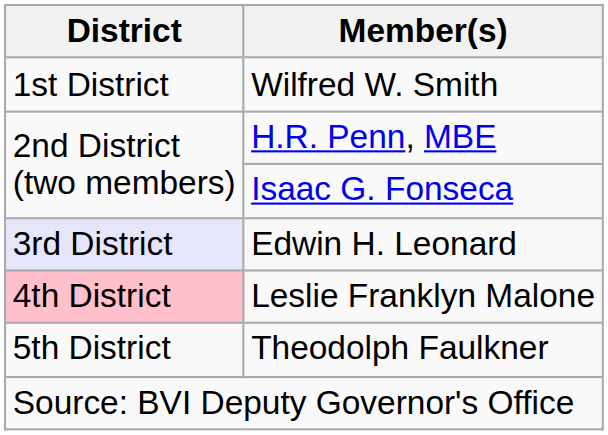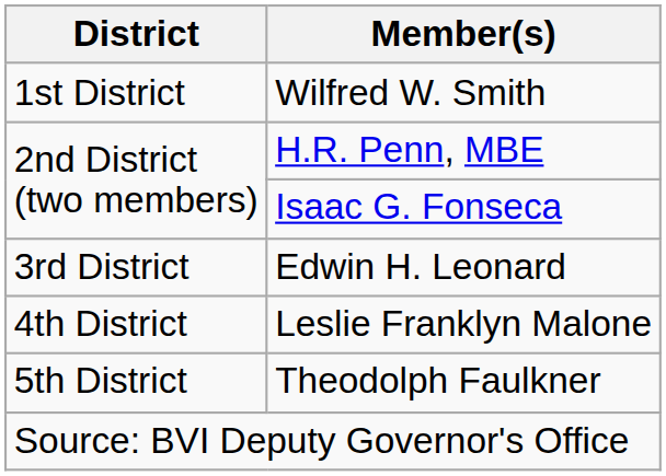 <table class="wikitable">
 <tr>
 <th>District</th>
 <th>Member(s)</th>
 </tr>
 <tr>
 <td>1st District</td>
 <td>Wilfred W. Smith</td>
 </tr>
 <tr>
 <td rowspan="2">2nd District<br>(two members)</td>
 <td><a href='#'>H.R. Penn</a>, <a href='#'>MBE</a></td>
 </tr>
 <tr>
 <td><a href='#'>Isaac G. Fonseca</a></td>
 </tr>
 <tr>
-<td style="background: lavender;">3rd District</td>
+<td>3rd District</td>
 <td>Edwin H. Leonard</td>
 </tr>
 <tr>
-<td style="background: pink;">4th District</td>
+<td>4th District</td>
 <td>Leslie Franklyn Malone</td>
 </tr>
 <tr>
 <td>5th District</td>
 <td>Theodolph Faulkner</td>
 </tr>
 <tr>
 <td colspan=2>Source: BVI Deputy Governor's Office</td>
 </tr>
 </table>
